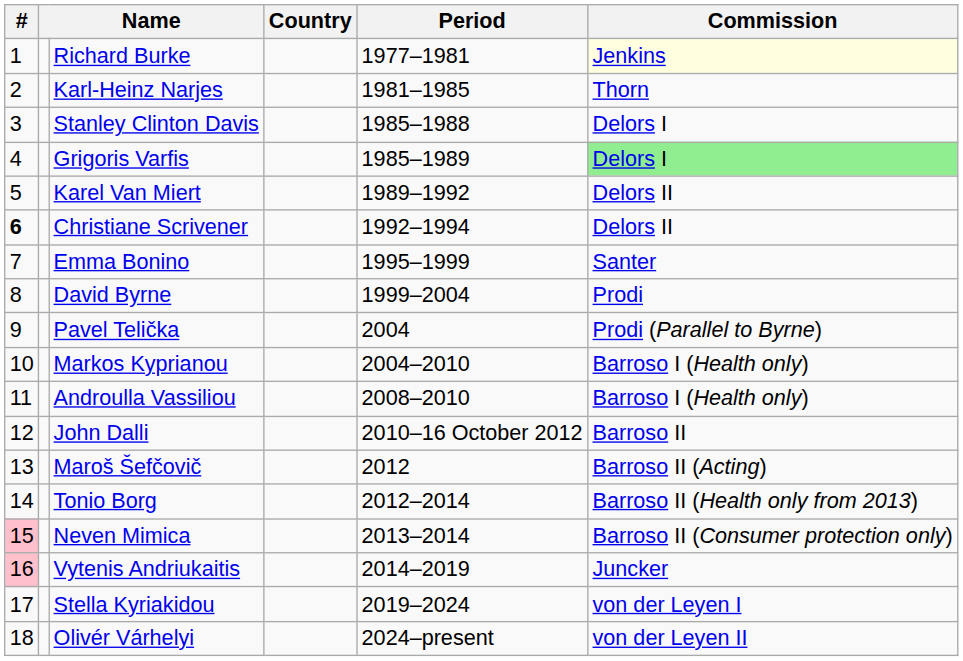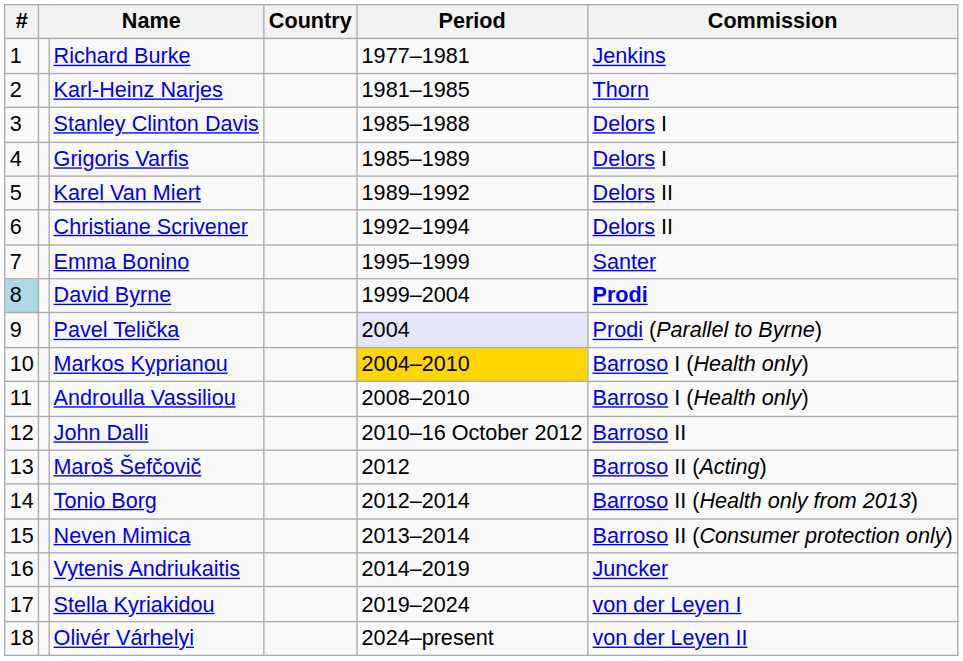 <table class="wikitable">
 <tr>
 <th>#</th>
 <th colspan=2>Name</th>
 <th>Country</th>
 <th>Period</th>
 <th>Commission</th>
 </tr>
 <tr>
 <td>1</td>
 <td></td>
 <td><a href='#'>Richard Burke</a></td>
 <td></td>
 <td>1977–1981</td>
-<td style="background: lightyellow;"><a href='#'>Jenkins</a></td>
+<td><a href='#'>Jenkins</a></td>
 </tr>
 <tr>
 <td>2</td>
 <td></td>
 <td><a href='#'>Karl-Heinz Narjes</a></td>
 <td></td>
 <td>1981–1985</td>
 <td><a href='#'>Thorn</a></td>
 </tr>
 <tr>
 <td>3</td>
 <td></td>
 <td><a href='#'>Stanley Clinton Davis</a></td>
 <td></td>
 <td>1985–1988</td>
 <td><a href='#'>Delors</a> I</td>
 </tr>
 <tr>
 <td>4</td>
 <td></td>
 <td><a href='#'>Grigoris Varfis</a></td>
 <td></td>
 <td>1985–1989</td>
-<td style="background: lightgreen;"><a href='#'>Delors</a> I</td>
+<td><a href='#'>Delors</a> I</td>
 </tr>
 <tr>
 <td>5</td>
 <td></td>
 <td><a href='#'>Karel Van Miert</a></td>
 <td></td>
 <td>1989–1992</td>
 <td><a href='#'>Delors</a> II</td>
 </tr>
 <tr>
-<td><strong>6</strong></td>
+<td>6</td>
 <td></td>
 <td><a href='#'>Christiane Scrivener</a></td>
 <td></td>
 <td>1992–1994</td>
 <td><a href='#'>Delors</a> II</td>
 </tr>
 <tr>
 <td>7</td>
 <td></td>
 <td><a href='#'>Emma Bonino</a></td>
 <td></td>
 <td>1995–1999</td>
 <td><a href='#'>Santer</a></td>
 </tr>
 <tr>
-<td>8</td>
+<td style="background: lightblue;">8</td>
 <td></td>
 <td><a href='#'>David Byrne</a></td>
 <td></td>
 <td>1999–2004</td>
-<td><a href='#'>Prodi</a></td>
+<td><strong><a href='#'>Prodi</a></strong></td>
 </tr>
 <tr>
 <td>9</td>
 <td></td>
 <td><a href='#'>Pavel Telička</a></td>
 <td></td>
-<td>2004</td>
+<td style="background: lavender;">2004</td>
 <td><a href='#'>Prodi</a> (<em>Parallel to Byrne</em>)</td>
 </tr>
 <tr>
 <td>10</td>
 <td></td>
 <td><a href='#'>Markos Kyprianou</a></td>
 <td></td>
-<td>2004–2010</td>
+<td style="background: gold;">2004–2010</td>
 <td><a href='#'>Barroso</a> I (<em>Health only</em>)</td>
 </tr>
 <tr>
 <td>11</td>
 <td></td>
 <td><a href='#'>Androulla Vassiliou</a></td>
 <td></td>
 <td>2008–2010</td>
 <td><a href='#'>Barroso</a> I (<em>Health only</em>)</td>
 </tr>
 <tr>
 <td>12</td>
 <td></td>
 <td><a href='#'>John Dalli</a></td>
 <td></td>
 <td>2010–16 October 2012</td>
 <td><a href='#'>Barroso</a> II</td>
 </tr>
 <tr>
 <td>13</td>
 <td></td>
 <td><a href='#'>Maroš Šefčovič</a></td>
 <td></td>
 <td>2012</td>
 <td><a href='#'>Barroso</a> II (<em>Acting</em>)</td>
 </tr>
 <tr>
 <td>14</td>
 <td></td>
 <td><a href='#'>Tonio Borg</a></td>
 <td></td>
 <td>2012–2014</td>
 <td><a href='#'>Barroso</a> II (<em>Health only from 2013</em>)</td>
 </tr>
 <tr>
-<td style="background: pink;">15</td>
+<td>15</td>
 <td></td>
 <td><a href='#'>Neven Mimica</a></td>
 <td></td>
 <td>2013–2014</td>
 <td><a href='#'>Barroso</a> II (<em>Consumer protection only</em>)</td>
 </tr>
 <tr>
-<td style="background: pink;">16</td>
+<td>16</td>
 <td></td>
 <td><a href='#'>Vytenis Andriukaitis</a></td>
 <td></td>
 <td>2014–2019</td>
 <td><a href='#'>Juncker</a></td>
 </tr>
 <tr>
 <td>17</td>
 <td></td>
 <td><a href='#'>Stella Kyriakidou</a></td>
 <td></td>
 <td>2019–2024</td>
 <td><a href='#'>von der Leyen I</a></td>
 </tr>
 <tr>
 <td>18</td>
 <td></td>
 <td><a href='#'>Olivér Várhelyi</a></td>
 <td></td>
 <td>2024–present</td>
 <td><a href='#'>von der Leyen II</a></td>
 </tr>
 </table>
